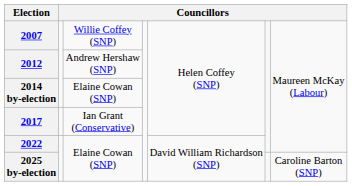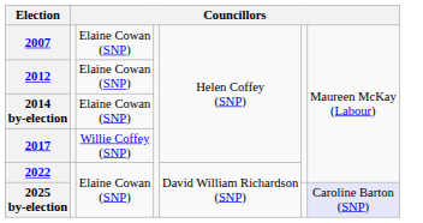 <table class="wikitable" style="text-align:center">
 <tr>
 <th>Election</th>
 <th colspan=8>Councillors</th>
 </tr>
 <tr>
 <th><a href='#'>2007</a></th>
 <td rowspan=3; style="background-color: "></td>
-<td rowspan=1><a href='#'>Willie Coffey</a><br>(<a href='#'>SNP</a>)</td>
+<td rowspan=1>Elaine Cowan<br>(<a href='#'>SNP</a>)</td>
 <td rowspan=6; style="background-color: "></td>
 <td rowspan=4>Helen Coffey<br>(<a href='#'>SNP</a>)</td>
 <td rowspan=5; style="background-color: "></td>
 <td rowspan=5>Maureen McKay<br>(<a href='#'>Labour</a>)</td>
 </tr>
 <tr>
 <th><a href='#'>2012</a></th>
-<td rowspan=1>Andrew Hershaw<br>(<a href='#'>SNP</a>)</td>
+<td rowspan=1>Elaine Cowan<br>(<a href='#'>SNP</a>)</td>
 </tr>
 <tr>
 <th>2014<br>by-election</th>
 <td rowspan=1>Elaine Cowan<br>(<a href='#'>SNP</a>)</td>
 </tr>
 <tr>
 <th><a href='#'>2017</a></th>
 <td rowspan=1; style="background-color: "></td>
-<td rowspan=1>Ian Grant<br>(<a href='#'>Conservative</a>)</td>
+<td rowspan=1><a href='#'>Willie Coffey</a><br>(<a href='#'>SNP</a>)</td>
 </tr>
 <tr>
 <th><a href='#'>2022</a></th>
 <td rowspan=2; style="background-color: "></td>
 <td rowspan=2>Elaine Cowan<br>(<a href='#'>SNP</a>)</td>
 <td rowspan=2>David William Richardson<br>(<a href='#'>SNP</a>)</td>
 </tr>
 <tr>
 <th>2025<br>by-election</th>
 <td rowspan=1; style="background-color: "></td>
-<td rowspan=1>Caroline Barton<br>(<a href='#'>SNP</a>)</td>
+<td rowspan=1 style="background: lavender;">Caroline Barton<br>(<a href='#'>SNP</a>)</td>
 </tr>
 </table>
